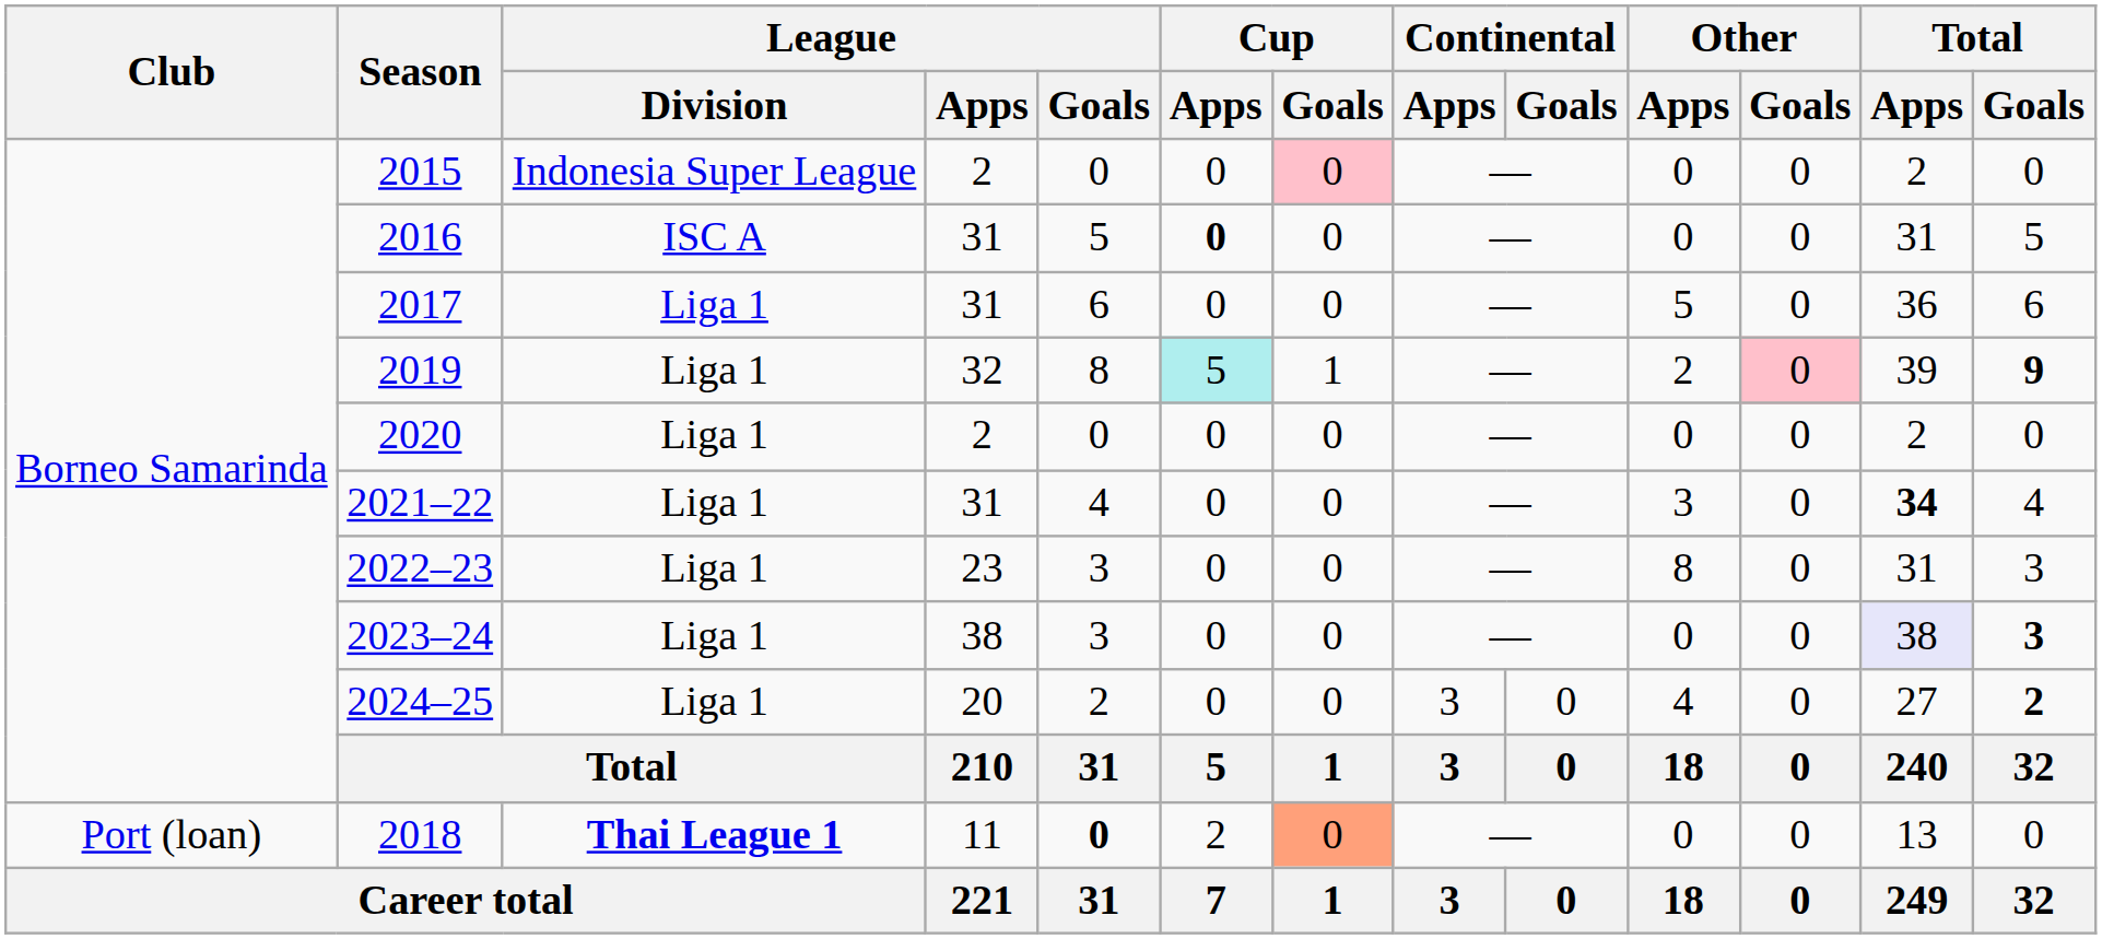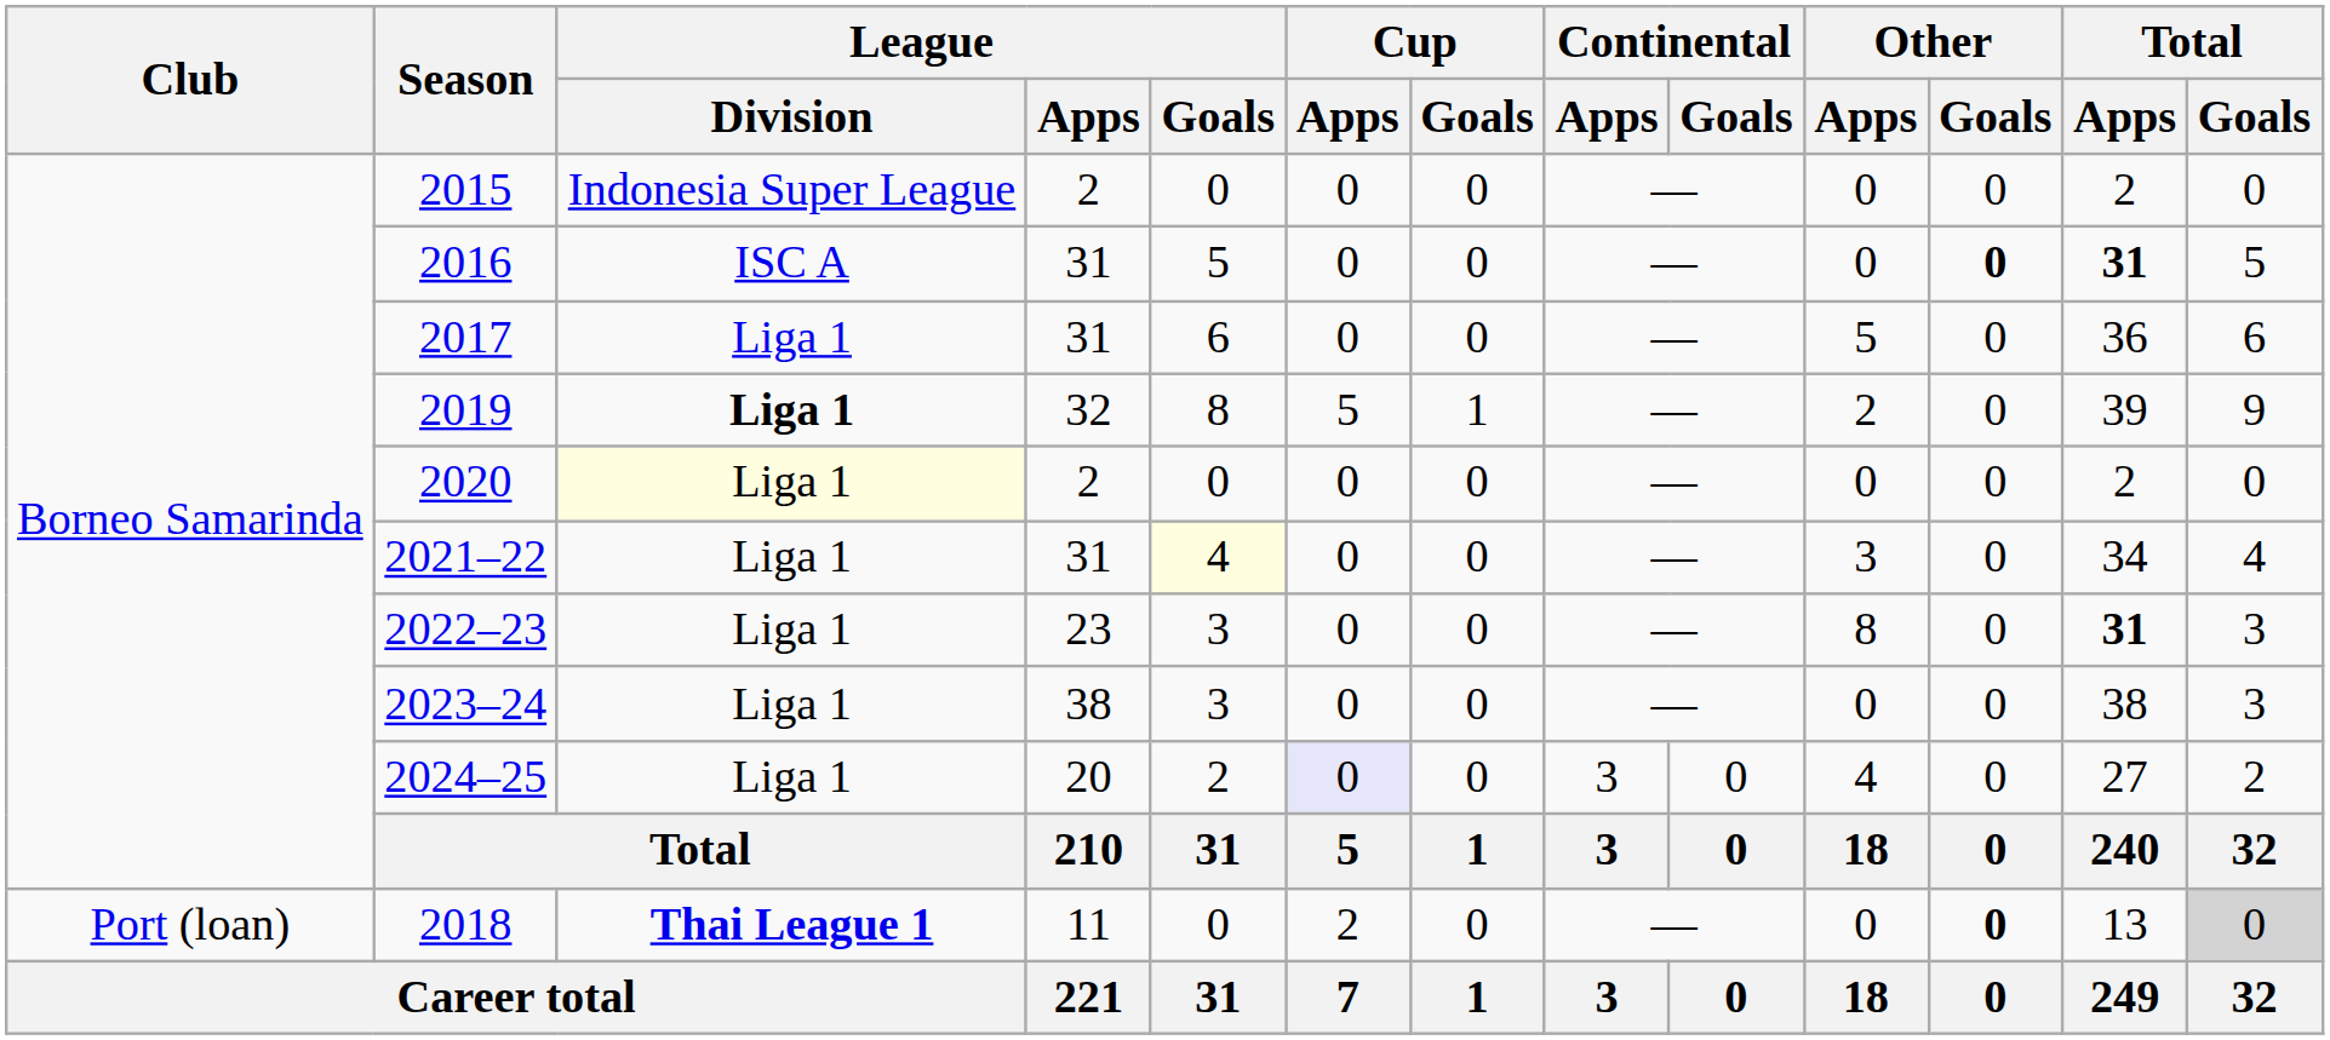 <table class="wikitable" style="text-align:center">
 <tr>
 <th rowspan="2">Club</th>
 <th rowspan="2">Season</th>
 <th colspan="3">League</th>
 <th colspan="2">Cup</th>
 <th colspan="2">Continental</th>
 <th colspan="2">Other</th>
 <th colspan="2">Total</th>
 </tr>
 <tr>
 <th>Division</th>
 <th>Apps</th>
 <th>Goals</th>
 <th>Apps</th>
 <th>Goals</th>
 <th>Apps</th>
 <th>Goals</th>
 <th>Apps</th>
 <th>Goals</th>
 <th>Apps</th>
 <th>Goals</th>
 </tr>
 <tr>
 <td rowspan="10" valign="center"><a href='#'>Borneo Samarinda</a></td>
 <td><a href='#'>2015</a></td>
 <td><a href='#'>Indonesia Super League</a></td>
 <td>2</td>
 <td>0</td>
 <td>0</td>
-<td style="background: pink;">0</td>
+<td>0</td>
 <td colspan=2>—</td>
 <td>0</td>
 <td>0</td>
 <td>2</td>
 <td>0</td>
 </tr>
 <tr>
 <td><a href='#'>2016</a></td>
 <td><a href='#'>ISC A</a></td>
 <td>31</td>
 <td>5</td>
-<td><strong>0</strong></td>
+<td>0</td>
 <td>0</td>
 <td colspan=2>—</td>
 <td>0</td>
-<td>0</td>
-<td>31</td>
+<td><strong>0</strong></td>
+<td><strong>31</strong></td>
 <td>5</td>
 </tr>
 <tr>
 <td><a href='#'>2017</a></td>
 <td rowspan="1" valign="center"><a href='#'>Liga 1</a></td>
 <td>31</td>
 <td>6</td>
 <td>0</td>
 <td>0</td>
 <td colspan=2>—</td>
 <td>5</td>
 <td>0</td>
 <td>36</td>
 <td>6</td>
 </tr>
 <tr>
 <td><a href='#'>2019</a></td>
-<td rowspan="1" valign="center">Liga 1</td>
+<td rowspan="1" valign="center"><strong>Liga 1</strong></td>
 <td>32</td>
 <td>8</td>
-<td style="background: paleturquoise;">5</td>
+<td>5</td>
 <td>1</td>
 <td colspan=2>—</td>
 <td>2</td>
-<td style="background: pink;">0</td>
+<td>0</td>
 <td>39</td>
-<td><strong>9</strong></td>
+<td>9</td>
 </tr>
 <tr>
 <td><a href='#'>2020</a></td>
-<td rowspan="1" valign="center">Liga 1</td>
+<td rowspan="1" valign="center" style="background: lightyellow;">Liga 1</td>
 <td>2</td>
 <td>0</td>
 <td>0</td>
 <td>0</td>
 <td colspan=2>—</td>
 <td>0</td>
 <td>0</td>
 <td>2</td>
 <td>0</td>
 </tr>
 <tr>
 <td><a href='#'>2021–22</a></td>
 <td rowspan="1" valign="center">Liga 1</td>
 <td>31</td>
-<td>4</td>
+<td style="background: lightyellow;">4</td>
 <td>0</td>
 <td>0</td>
 <td colspan=2>—</td>
 <td>3</td>
 <td>0</td>
-<td><strong>34</strong></td>
+<td>34</td>
 <td>4</td>
 </tr>
 <tr>
 <td><a href='#'>2022–23</a></td>
 <td rowspan="1" valign="center">Liga 1</td>
 <td>23</td>
 <td>3</td>
 <td>0</td>
 <td>0</td>
 <td colspan=2>—</td>
 <td>8</td>
 <td>0</td>
-<td>31</td>
+<td><strong>31</strong></td>
 <td>3</td>
 </tr>
 <tr>
 <td><a href='#'>2023–24</a></td>
 <td>Liga 1</td>
 <td>38</td>
 <td>3</td>
 <td>0</td>
 <td>0</td>
 <td colspan="2">—</td>
 <td>0</td>
 <td>0</td>
-<td style="background: lavender;">38</td>
-<td><strong>3</strong></td>
+<td>38</td>
+<td>3</td>
 </tr>
 <tr>
 <td><a href='#'>2024–25</a></td>
 <td>Liga 1</td>
 <td>20</td>
 <td>2</td>
-<td>0</td>
+<td style="background: lavender;">0</td>
 <td>0</td>
 <td>3</td>
 <td>0</td>
 <td>4</td>
 <td>0</td>
 <td>27</td>
-<td><strong>2</strong></td>
+<td>2</td>
 </tr>
 <tr>
 <th colspan="2">Total</th>
 <th>210</th>
 <th>31</th>
 <th>5</th>
 <th>1</th>
 <th>3</th>
 <th>0</th>
 <th>18</th>
 <th>0</th>
 <th>240</th>
 <th>32</th>
 </tr>
 <tr>
 <td rowspan="1" valign="center"><a href='#'>Port</a> (loan)</td>
 <td><a href='#'>2018</a></td>
 <td><strong><a href='#'>Thai League 1</a></strong></td>
 <td>11</td>
-<td><strong>0</strong></td>
+<td>0</td>
 <td>2</td>
-<td style="background: lightsalmon;">0</td>
+<td>0</td>
 <td colspan=2>—</td>
 <td>0</td>
-<td>0</td>
+<td><strong>0</strong></td>
 <td>13</td>
-<td>0</td>
+<td style="background: lightgrey;">0</td>
 </tr>
 <tr>
 <th colspan="3">Career total</th>
 <th>221</th>
 <th>31</th>
 <th>7</th>
 <th>1</th>
 <th>3</th>
 <th>0</th>
 <th>18</th>
 <th>0</th>
 <th>249</th>
 <th>32</th>
 </tr>
 </table>
